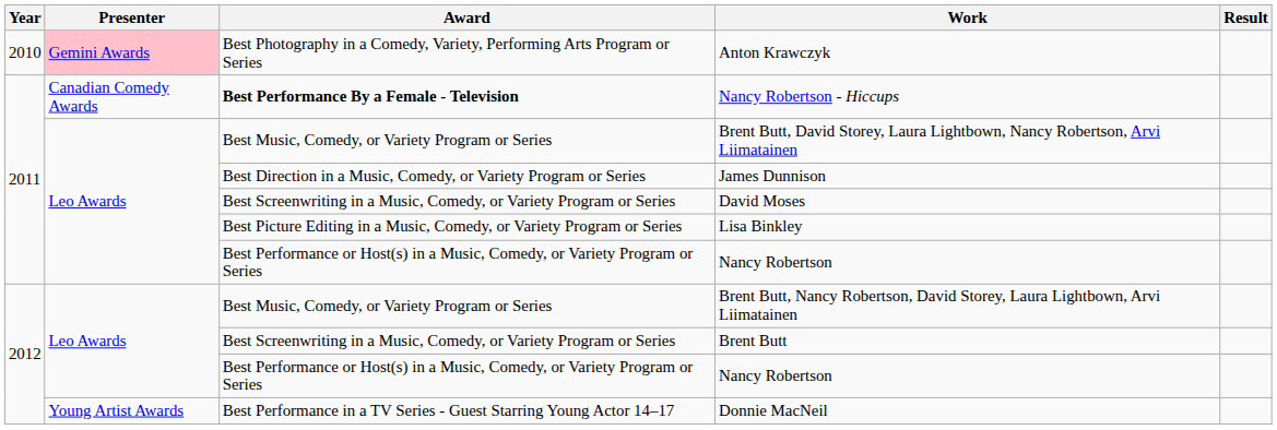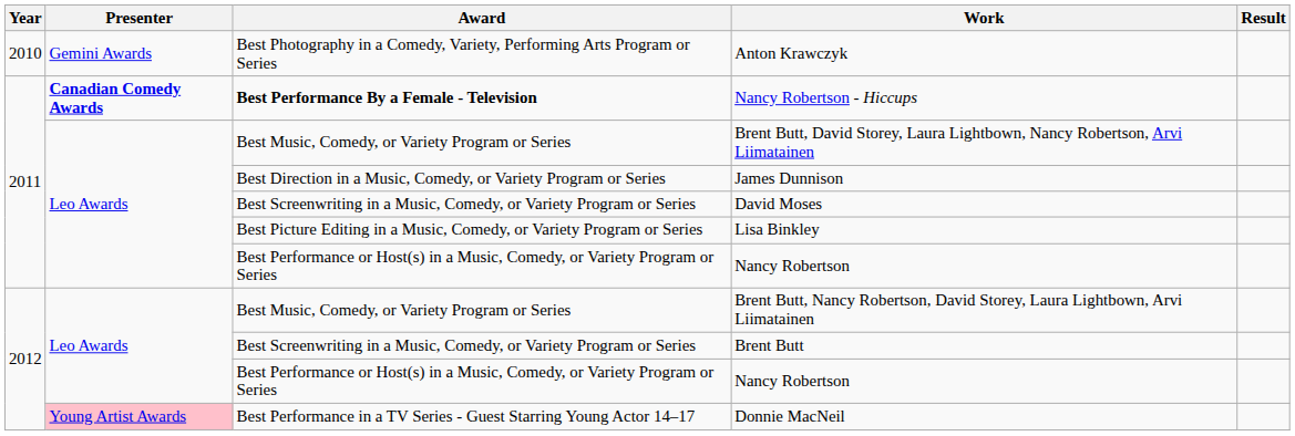 <table class="wikitable">
 <tr>
 <th>Year</th>
 <th>Presenter</th>
 <th>Award</th>
 <th>Work</th>
 <th>Result</th>
 </tr>
 <tr>
 <td>2010</td>
-<td style="background: pink;"><a href='#'>Gemini Awards</a></td>
+<td><a href='#'>Gemini Awards</a></td>
 <td>Best Photography in a Comedy, Variety, Performing Arts Program or Series</td>
 <td>Anton Krawczyk</td>
 <td></td>
 </tr>
 <tr>
 <td rowspan="6">2011</td>
-<td><a href='#'>Canadian Comedy Awards</a></td>
+<td><strong><a href='#'>Canadian Comedy Awards</a></strong></td>
 <td><strong>Best Performance By a Female - Television</strong></td>
 <td><a href='#'>Nancy Robertson</a> - <em>Hiccups</em></td>
 <td></td>
 </tr>
 <tr>
 <td rowspan="5"><a href='#'>Leo Awards</a></td>
 <td>Best Music, Comedy, or Variety Program or Series</td>
 <td>Brent Butt, David Storey, Laura Lightbown, Nancy Robertson, <a href='#'>Arvi Liimatainen</a></td>
 <td></td>
 </tr>
 <tr>
 <td>Best Direction in a Music, Comedy, or Variety Program or Series</td>
 <td>James Dunnison</td>
 <td></td>
 </tr>
 <tr>
 <td>Best Screenwriting in a Music, Comedy, or Variety Program or Series</td>
 <td>David Moses</td>
 <td></td>
 </tr>
 <tr>
 <td>Best Picture Editing in a Music, Comedy, or Variety Program or Series</td>
 <td>Lisa Binkley</td>
 <td></td>
 </tr>
 <tr>
 <td>Best Performance or Host(s) in a Music, Comedy, or Variety Program or Series</td>
 <td>Nancy Robertson</td>
 <td></td>
 </tr>
 <tr>
 <td rowspan="4">2012</td>
 <td rowspan="3"><a href='#'>Leo Awards</a></td>
 <td>Best Music, Comedy, or Variety Program or Series</td>
 <td>Brent Butt, Nancy Robertson, David Storey, Laura Lightbown, Arvi Liimatainen</td>
 <td></td>
 </tr>
 <tr>
 <td>Best Screenwriting in a Music, Comedy, or Variety Program or Series</td>
 <td>Brent Butt</td>
 <td></td>
 </tr>
 <tr>
 <td>Best Performance or Host(s) in a Music, Comedy, or Variety Program or Series</td>
 <td>Nancy Robertson</td>
 <td></td>
 </tr>
 <tr>
-<td><a href='#'>Young Artist Awards</a></td>
+<td style="background: pink;"><a href='#'>Young Artist Awards</a></td>
 <td>Best Performance in a TV Series - Guest Starring Young Actor 14–17</td>
 <td>Donnie MacNeil</td>
 <td></td>
 </tr>
 </table>
